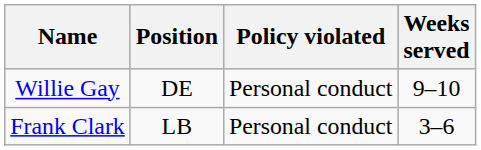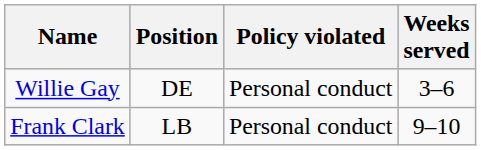 <table class="wikitable" style="text-align:center">
 <tr>
 <th>Name</th>
 <th>Position</th>
 <th>Policy violated</th>
 <th>Weeks<br>served</th>
 </tr>
 <tr>
 <td><a href='#'>Willie Gay</a></td>
 <td>DE</td>
 <td>Personal conduct</td>
-<td>9–10</td>
+<td>3–6</td>
 </tr>
 <tr>
 <td><a href='#'>Frank Clark</a></td>
 <td>LB</td>
 <td>Personal conduct</td>
-<td>3–6</td>
+<td>9–10</td>
 </tr>
 </table>
